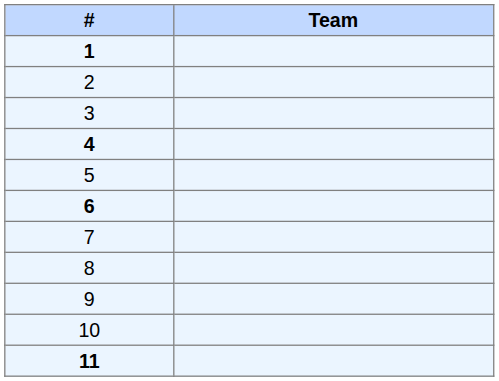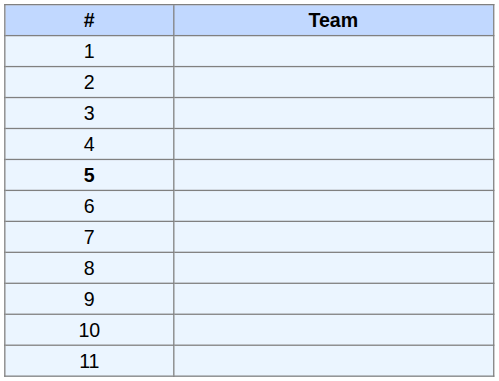 <table bgcolor="#f7f8ff" cellpadding="3" cellspacing="0" border="1" width="30%" style="margin:0 auto;font-size: 95%; border: gray solid 1px; border-collapse: collapse;">
 <tr bgcolor=#C1D8FF>
 <th>#</th>
 <th>Team</th>
 </tr>
 <tr align=left bgcolor=#EBF5FF>
-<td align=center><strong> 1</strong></td>
+<td align=center> 1</td>
 <td></td>
 </tr>
 <tr align=left bgcolor=#EBF5FF>
 <td align=center> 2</td>
 <td></td>
 </tr>
 <tr align=left bgcolor=#EBF5FF>
 <td align=center> 3</td>
 <td></td>
 </tr>
 <tr align=left bgcolor=#EBF5FF>
-<td align=center><strong>4</strong></td>
+<td align=center>4</td>
 <td></td>
 </tr>
 <tr align=left bgcolor=#EBF5FF>
-<td align=center>5</td>
+<td align=center><strong>5</strong></td>
 <td></td>
 </tr>
 <tr align=left bgcolor=#EBF5FF>
-<td align=center><strong>6</strong></td>
+<td align=center>6</td>
 <td></td>
 </tr>
 <tr align=left bgcolor=#EBF5FF>
 <td align=center>7</td>
 <td></td>
 </tr>
 <tr align=left bgcolor=#EBF5FF>
 <td align=center>8</td>
 <td></td>
 </tr>
 <tr align=left bgcolor=#EBF5FF>
 <td align=center>9</td>
 <td></td>
 </tr>
 <tr align=left bgcolor=#EBF5FF>
 <td align=center>10</td>
 <td></td>
 </tr>
 <tr align=left bgcolor=#EBF5FF>
-<td align=center><strong>11</strong></td>
+<td align=center>11</td>
 <td></td>
 </tr>
 </table>
